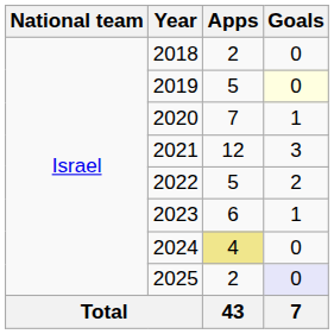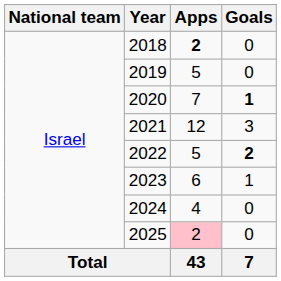 <table class="wikitable" style="text-align: center;">
 <tr>
 <th>National team</th>
 <th>Year</th>
 <th>Apps</th>
 <th>Goals</th>
 </tr>
 <tr>
 <td rowspan="8"><a href='#'>Israel</a></td>
 <td>2018</td>
-<td>2</td>
+<td><strong>2</strong></td>
 <td>0</td>
 </tr>
 <tr>
 <td>2019</td>
 <td>5</td>
-<td style="background: lightyellow;">0</td>
+<td>0</td>
 </tr>
 <tr>
 <td>2020</td>
 <td>7</td>
-<td>1</td>
+<td><strong>1</strong></td>
 </tr>
 <tr>
 <td>2021</td>
 <td>12</td>
 <td>3</td>
 </tr>
 <tr>
 <td>2022</td>
 <td>5</td>
-<td>2</td>
+<td><strong>2</strong></td>
 </tr>
 <tr>
 <td>2023</td>
 <td>6</td>
 <td>1</td>
 </tr>
 <tr>
 <td>2024</td>
-<td style="background: khaki;">4</td>
+<td>4</td>
 <td>0</td>
 </tr>
 <tr>
 <td>2025</td>
-<td>2</td>
-<td style="background: lavender;">0</td>
+<td style="background: pink;">2</td>
+<td>0</td>
 </tr>
 <tr>
 <th colspan="2">Total</th>
 <th>43</th>
 <th>7</th>
 </tr>
 </table>
